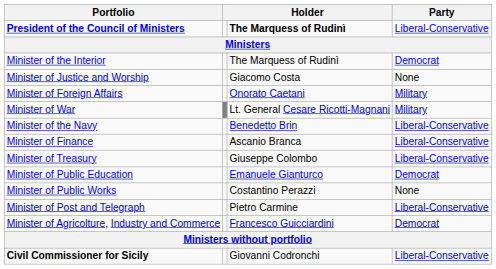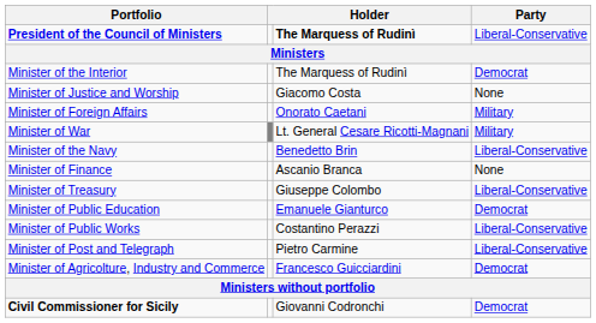 <table class="wikitable">
 <tr>
 <th>Portfolio</th>
 <th colspan=2>Holder</th>
 <th>Party</th>
 </tr>
 <tr>
 <td><strong><a href='#'>President of the Council of Ministers</a></strong></td>
 <td style="background:"></td>
 <td><strong>The Marquess of Rudinì</strong></td>
 <td><a href='#'>Liberal-Conservative</a></td>
 </tr>
 <tr>
 <th colspan=4 align=center><a href='#'>Ministers</a></th>
 </tr>
 <tr>
 <td><a href='#'>Minister of the Interior</a></td>
 <td style="background:"></td>
 <td>The Marquess of Rudinì</td>
 <td><a href='#'>Democrat</a></td>
 </tr>
 <tr>
 <td><a href='#'>Minister of Justice and Worship</a></td>
 <td style="background:"></td>
 <td>Giacomo Costa</td>
 <td>None</td>
 </tr>
 <tr>
 <td><a href='#'>Minister of Foreign Affairs</a></td>
 <td style="background:"></td>
 <td><a href='#'>Onorato Caetani</a></td>
 <td><a href='#'>Military</a></td>
 </tr>
 <tr>
 <td><a href='#'>Minister of War</a></td>
 <td style="background:#808080;"></td>
 <td>Lt. General <a href='#'>Cesare Ricotti-Magnani</a></td>
 <td><a href='#'>Military</a></td>
 </tr>
 <tr>
 <td><a href='#'>Minister of the Navy</a></td>
 <td style="background:"></td>
 <td><a href='#'>Benedetto Brin</a></td>
 <td><a href='#'>Liberal-Conservative</a></td>
 </tr>
 <tr>
 <td><a href='#'>Minister of Finance</a></td>
 <td style="background:"></td>
 <td>Ascanio Branca</td>
-<td><a href='#'>Liberal-Conservative</a></td>
+<td>None</td>
 </tr>
 <tr>
 <td><a href='#'>Minister of Treasury</a></td>
 <td style="background:"></td>
 <td>Giuseppe Colombo</td>
 <td><a href='#'>Liberal-Conservative</a></td>
 </tr>
 <tr>
 <td><a href='#'>Minister of Public Education</a></td>
 <td style="background:"></td>
 <td><a href='#'>Emanuele Gianturco</a></td>
 <td><a href='#'>Democrat</a></td>
 </tr>
 <tr>
 <td><a href='#'>Minister of Public Works</a></td>
 <td style="background:"></td>
 <td>Costantino Perazzi</td>
-<td>None</td>
+<td><a href='#'>Liberal-Conservative</a></td>
 </tr>
 <tr>
 <td><a href='#'>Minister of Post and Telegraph</a></td>
 <td style="background:"></td>
 <td>Pietro Carmine</td>
 <td><a href='#'>Liberal-Conservative</a></td>
 </tr>
 <tr>
 <td><a href='#'>Minister of Agricolture</a>, <a href='#'>Industry and Commerce</a></td>
 <td style="background:"></td>
 <td><a href='#'>Francesco Guicciardini</a></td>
 <td><a href='#'>Democrat</a></td>
 </tr>
 <tr>
 <th colspan=4 align=center><a href='#'>Ministers without portfolio</a></th>
 </tr>
 <tr>
 <td><strong>Civil Commissioner for Sicily</strong></td>
 <td style="background:"></td>
 <td>Giovanni Codronchi</td>
-<td><a href='#'>Liberal-Conservative</a></td>
+<td><a href='#'>Democrat</a></td>
 </tr>
 </table>
